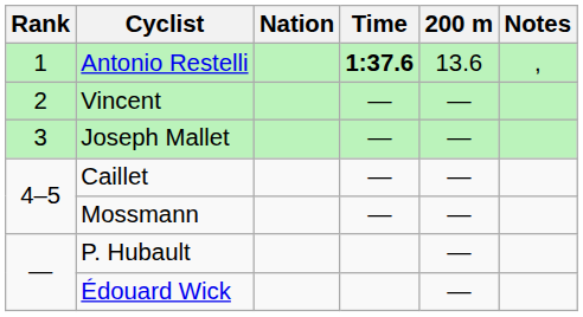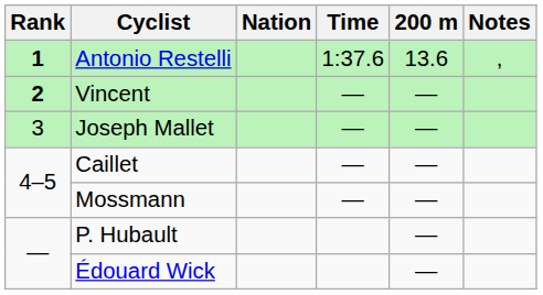 <table class="wikitable sortable" style="text-align:center">
 <tr>
 <th>Rank</th>
 <th>Cyclist</th>
 <th>Nation</th>
 <th>Time</th>
 <th>200 m</th>
 <th>Notes</th>
 </tr>
 <tr bgcolor=bbf3bb>
-<td>1</td>
+<td><strong>1</strong></td>
 <td align=left><a href='#'>Antonio Restelli</a></td>
 <td align=left></td>
-<td><strong>1:37.6</strong></td>
+<td>1:37.6</td>
 <td>13.6</td>
 <td>, </td>
 </tr>
 <tr bgcolor=bbf3bb>
-<td>2</td>
+<td><strong>2</strong></td>
 <td align=left>Vincent</td>
 <td align=left></td>
 <td data-sort-value=9:99.9>—</td>
 <td data-sort-value=99.9>—</td>
 <td></td>
 </tr>
 <tr bgcolor=bbf3bb>
 <td>3</td>
 <td align=left>Joseph Mallet</td>
 <td align=left></td>
 <td data-sort-value=9:99.9>—</td>
 <td data-sort-value=99.9>—</td>
 <td></td>
 </tr>
 <tr>
 <td rowspan=2>4–5</td>
 <td align=left>Caillet</td>
 <td align=left></td>
 <td data-sort-value=9:99.9>—</td>
 <td data-sort-value=99.9>—</td>
 <td></td>
 </tr>
 <tr>
 <td align=left>Mossmann</td>
 <td align=left></td>
 <td data-sort-value=9:99.9>—</td>
 <td data-sort-value=99.9>—</td>
 <td></td>
 </tr>
 <tr>
 <td rowspan=2>—</td>
 <td align=left>P. Hubault</td>
 <td align=left></td>
 <td data-sort-value=9:99.9></td>
 <td data-sort-value=99.9>—</td>
 <td></td>
 </tr>
 <tr>
 <td align=left><a href='#'>Édouard Wick</a></td>
 <td align=left></td>
 <td data-sort-value=9:99.9></td>
 <td data-sort-value=99.9>—</td>
 <td></td>
 </tr>
 </table>
